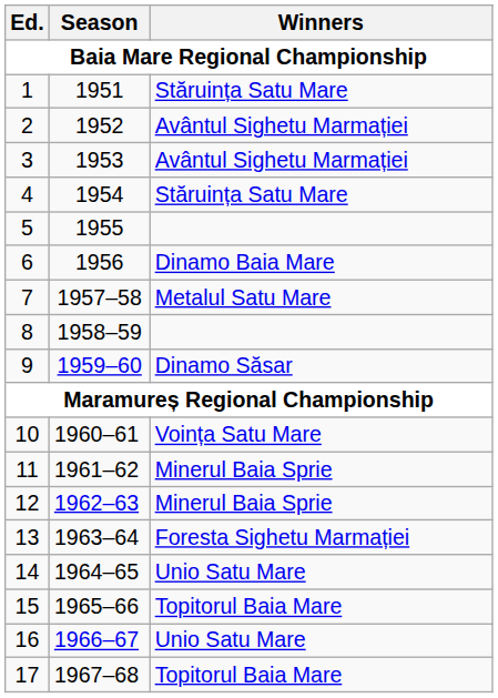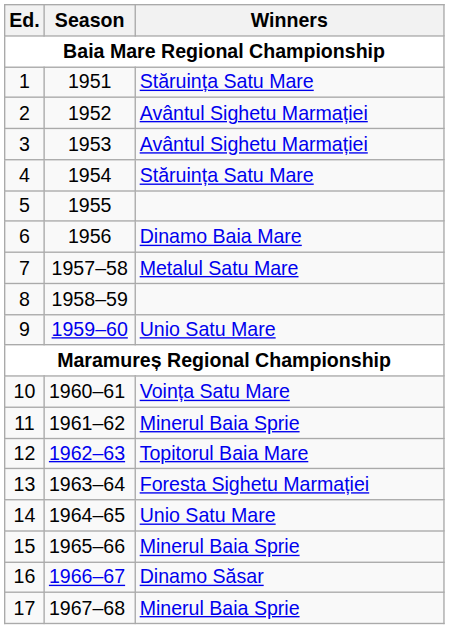 <table class="wikitable" style="font-size:90%">
 <tr>
 <th><abbr>Ed.</abbr></th>
 <th width="60">Season</th>
 <th width="220">Winners</th>
 </tr>
 <tr>
 <th colspan="3" style="background:#ffffff">Baia Mare Regional Championship</th>
 </tr>
 <tr>
 <td align=center>1</td>
 <td align=center>1951</td>
 <td><a href='#'>Stăruința Satu Mare</a></td>
 </tr>
 <tr>
 <td align=center>2</td>
 <td align=center>1952</td>
 <td><a href='#'>Avântul Sighetu Marmației</a></td>
 </tr>
 <tr>
 <td align=center>3</td>
 <td align=center>1953</td>
 <td><a href='#'>Avântul Sighetu Marmației</a></td>
 </tr>
 <tr>
 <td align=center>4</td>
 <td align=center>1954</td>
 <td><a href='#'>Stăruința Satu Mare</a></td>
 </tr>
 <tr>
 <td align=center>5</td>
 <td align=center>1955</td>
 <td></td>
 </tr>
 <tr>
 <td align=center>6</td>
 <td align=center>1956</td>
 <td><a href='#'>Dinamo Baia Mare</a></td>
 </tr>
 <tr>
 <td align=center>7</td>
 <td align=center>1957–58</td>
 <td><a href='#'>Metalul Satu Mare</a></td>
 </tr>
 <tr>
 <td align=center>8</td>
 <td align=center>1958–59</td>
 <td></td>
 </tr>
 <tr>
 <td align=center>9</td>
 <td align=center><a href='#'>1959–60</a></td>
-<td><a href='#'>Dinamo Săsar</a></td>
+<td><a href='#'>Unio Satu Mare</a></td>
 </tr>
 <tr>
 <th colspan="3" style="background:#ffffff">Maramureș Regional Championship</th>
 </tr>
 <tr>
 <td align=center>10</td>
 <td>1960–61</td>
 <td><a href='#'>Voința Satu Mare</a></td>
 </tr>
 <tr>
 <td align=center>11</td>
 <td>1961–62</td>
 <td><a href='#'>Minerul Baia Sprie</a></td>
 </tr>
 <tr>
 <td align=center>12</td>
 <td><a href='#'>1962–63</a></td>
-<td><a href='#'>Minerul Baia Sprie</a></td>
+<td><a href='#'>Topitorul Baia Mare</a></td>
 </tr>
 <tr>
 <td align=center>13</td>
 <td>1963–64</td>
 <td><a href='#'>Foresta Sighetu Marmației</a></td>
 </tr>
 <tr>
 <td align=center>14</td>
 <td>1964–65</td>
 <td><a href='#'>Unio Satu Mare </a></td>
 </tr>
 <tr>
 <td align=center>15</td>
 <td>1965–66</td>
-<td><a href='#'>Topitorul Baia Mare</a></td>
+<td><a href='#'>Minerul Baia Sprie</a></td>
 </tr>
 <tr>
 <td align=center>16</td>
 <td><a href='#'>1966–67</a></td>
-<td><a href='#'>Unio Satu Mare</a></td>
+<td><a href='#'>Dinamo Săsar</a></td>
 </tr>
 <tr>
 <td align=center>17</td>
 <td>1967–68</td>
-<td><a href='#'>Topitorul Baia Mare</a></td>
+<td><a href='#'>Minerul Baia Sprie</a></td>
 </tr>
 </table>
